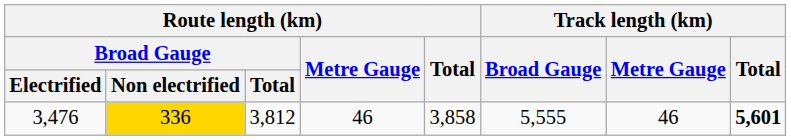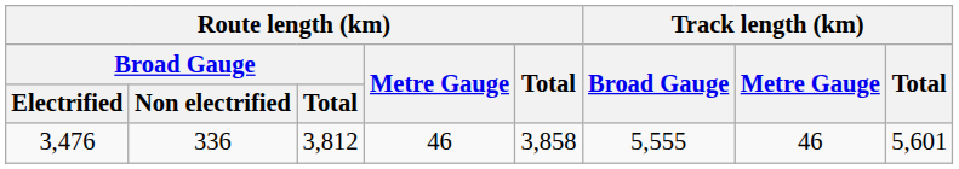 <table class="wikitable" style="text-align:center;" style="font-size: 85%">
 <tr>
 <th colspan="5">Route length (km)</th>
 <th colspan="3">Track length (km)</th>
 </tr>
 <tr>
 <th colspan="3"><a href='#'>Broad Gauge</a></th>
 <th rowspan="2"><a href='#'>Metre Gauge</a></th>
 <th rowspan="2">Total</th>
 <th rowspan="2"><a href='#'>Broad Gauge</a></th>
 <th rowspan="2"><a href='#'>Metre Gauge</a></th>
 <th rowspan="2">Total</th>
 </tr>
 <tr>
 <th>Electrified</th>
 <th>Non electrified</th>
 <th>Total</th>
 </tr>
 <tr>
 <td style="text-align:center;">3,476</td>
-<td style="background: gold; text-align:center;">336</td>
+<td style="text-align:center;">336</td>
 <td style="text-align:center;">3,812</td>
 <td style="text-align:center;">46</td>
 <td style="text-align:center;">3,858</td>
 <td style="text-align:center;">5,555</td>
 <td style="text-align:center;">46</td>
-<td style="text-align:center;"><strong>5,601</strong></td>
+<td style="text-align:center;">5,601</td>
 </tr>
 </table>
